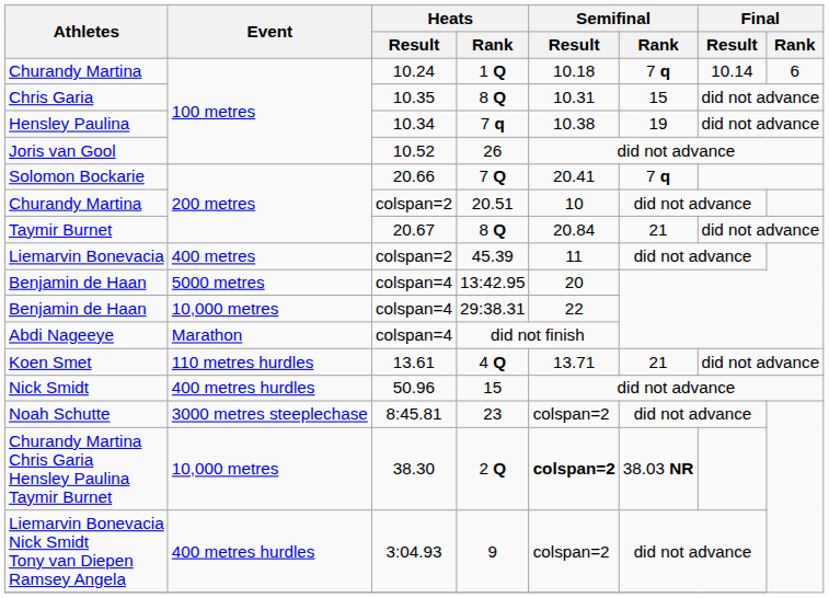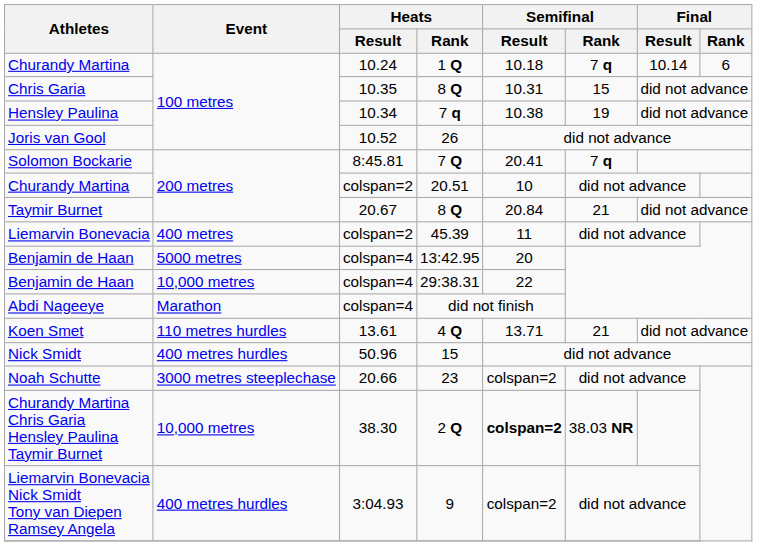 <table class="wikitable" border="1" style="font-size:90%">
 <tr>
 <th rowspan="2">Athletes</th>
 <th rowspan="2">Event</th>
 <th colspan="2">Heats</th>
 <th colspan="2">Semifinal</th>
 <th colspan="2">Final</th>
 </tr>
 <tr>
 <th>Result</th>
 <th>Rank</th>
 <th>Result</th>
 <th>Rank</th>
 <th>Result</th>
 <th>Rank</th>
 </tr>
 <tr>
 <td><a href='#'>Churandy Martina</a></td>
 <td rowspan=4><a href='#'>100 metres</a></td>
 <td align=center>10.24</td>
 <td align=center>1 <strong>Q</strong></td>
 <td align=center>10.18</td>
 <td align=center>7 <strong>q</strong></td>
 <td align=center>10.14</td>
 <td align=center>6</td>
 </tr>
 <tr>
 <td><a href='#'>Chris Garia</a></td>
 <td align=center>10.35</td>
 <td align=center>8 <strong>Q</strong></td>
 <td align=center>10.31</td>
 <td align=center>15</td>
 <td align=center colspan=2>did not advance</td>
 </tr>
 <tr>
 <td><a href='#'>Hensley Paulina</a></td>
 <td align=center>10.34</td>
 <td align=center>7 <strong>q</strong></td>
 <td align=center>10.38</td>
 <td align=center>19</td>
 <td align=center colspan=2>did not advance</td>
 </tr>
 <tr>
 <td><a href='#'>Joris van Gool</a></td>
 <td align=center>10.52</td>
 <td align=center>26</td>
 <td align=center colspan=4>did not advance</td>
 </tr>
 <tr>
 <td><a href='#'>Solomon Bockarie</a></td>
 <td rowspan=3><a href='#'>200 metres</a></td>
-<td align=center>20.66</td>
+<td align=center>8:45.81</td>
 <td align=center>7 <strong>Q</strong></td>
 <td align=center>20.41</td>
 <td align=center>7 <strong>q</strong></td>
 <td align=center colspan=2></td>
 </tr>
 <tr>
 <td><a href='#'>Churandy Martina</a></td>
 <td>colspan=2</td>
 <td align=center>20.51</td>
 <td align=center>10</td>
 <td align=center colspan=2>did not advance</td>
 </tr>
 <tr>
 <td><a href='#'>Taymir Burnet</a></td>
 <td align=center>20.67</td>
 <td align=center>8 <strong>Q</strong></td>
 <td align=center>20.84</td>
 <td align=center>21</td>
 <td align=center colspan=2>did not advance</td>
 </tr>
 <tr>
 <td><a href='#'>Liemarvin Bonevacia</a></td>
 <td><a href='#'>400 metres</a></td>
 <td>colspan=2</td>
 <td align=center>45.39</td>
 <td align=center>11</td>
 <td align=center colspan=2>did not advance</td>
 </tr>
 <tr>
 <td><a href='#'>Benjamin de Haan</a></td>
 <td><a href='#'>5000 metres</a></td>
 <td>colspan=4 </td>
 <td align=center>13:42.95</td>
 <td align=center>20</td>
 </tr>
 <tr>
 <td><a href='#'>Benjamin de Haan</a></td>
 <td><a href='#'>10,000 metres</a></td>
 <td>colspan=4 </td>
 <td align=center>29:38.31</td>
 <td align=center>22</td>
 </tr>
 <tr>
 <td><a href='#'>Abdi Nageeye</a></td>
 <td><a href='#'>Marathon</a></td>
 <td>colspan=4 </td>
 <td align=center colspan=2>did not finish</td>
 </tr>
 <tr>
 <td><a href='#'>Koen Smet</a></td>
 <td><a href='#'>110 metres hurdles</a></td>
 <td align=center>13.61</td>
 <td align=center>4 <strong>Q</strong></td>
 <td align=center>13.71</td>
 <td align=center>21</td>
 <td align=center colspan=2>did not advance</td>
 </tr>
 <tr>
 <td><a href='#'>Nick Smidt</a></td>
 <td><a href='#'>400 metres hurdles</a></td>
 <td align=center>50.96</td>
 <td align=center>15</td>
 <td align=center colspan=4>did not advance</td>
 </tr>
 <tr>
 <td><a href='#'>Noah Schutte</a></td>
 <td><a href='#'>3000 metres steeplechase</a></td>
-<td align=center>8:45.81</td>
+<td align=center>20.66</td>
 <td align=center>23</td>
 <td>colspan=2 </td>
 <td align=center colspan=2>did not advance</td>
 </tr>
 <tr>
 <td><a href='#'>Churandy Martina</a><br><a href='#'>Chris Garia</a><br><a href='#'>Hensley Paulina</a><br><a href='#'>Taymir Burnet</a></td>
 <td><a href='#'>10,000 metres</a></td>
 <td align=center>38.30</td>
 <td align=center>2 <strong>Q</strong></td>
 <td><strong>colspan=2 </strong></td>
 <td align=center>38.03 <strong>NR</strong></td>
 <td align=center></td>
 </tr>
 <tr>
 <td><a href='#'>Liemarvin Bonevacia</a><br><a href='#'>Nick Smidt</a><br><a href='#'>Tony van Diepen</a><br><a href='#'>Ramsey Angela</a></td>
 <td><a href='#'>400 metres hurdles</a></td>
 <td align=center>3:04.93</td>
 <td align=center>9</td>
 <td>colspan=2 </td>
 <td align=center colspan=2>did not advance</td>
 </tr>
 <tr>
 </tr>
 </table>
